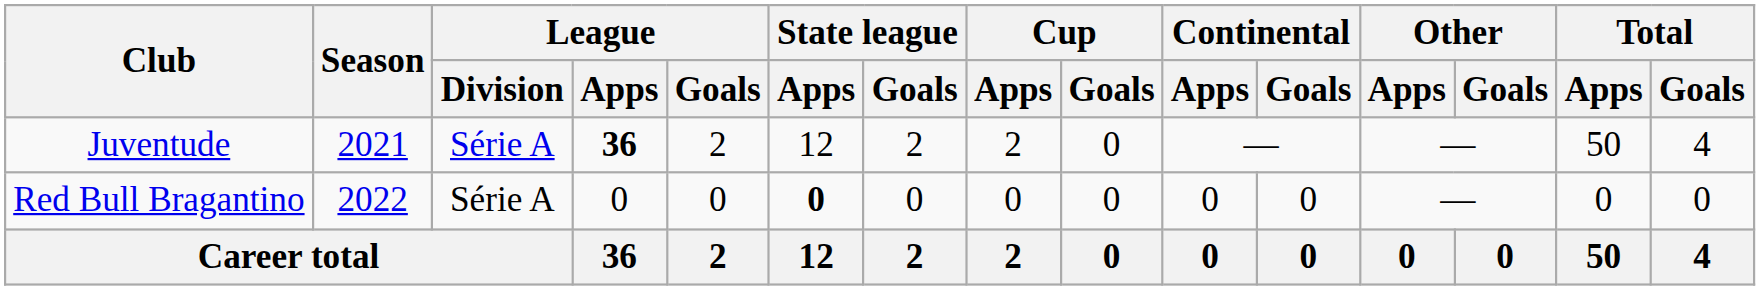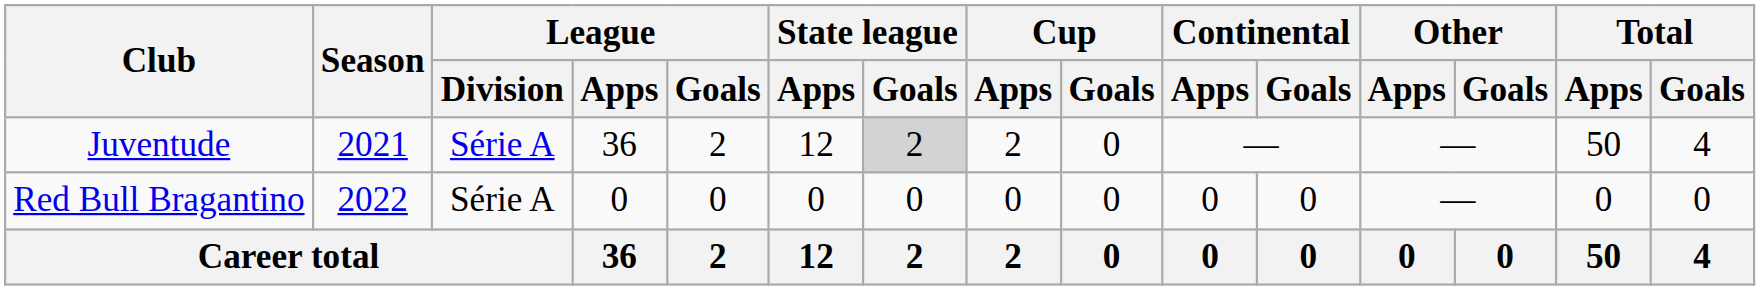 <table class="wikitable" style="text-align: center;">
 <tr>
 <th rowspan="2">Club</th>
 <th rowspan="2">Season</th>
 <th colspan="3">League</th>
 <th colspan="2">State league</th>
 <th colspan="2">Cup</th>
 <th colspan="2">Continental</th>
 <th colspan="2">Other</th>
 <th colspan="2">Total</th>
 </tr>
 <tr>
 <th>Division</th>
 <th>Apps</th>
 <th>Goals</th>
 <th>Apps</th>
 <th>Goals</th>
 <th>Apps</th>
 <th>Goals</th>
 <th>Apps</th>
 <th>Goals</th>
 <th>Apps</th>
 <th>Goals</th>
 <th>Apps</th>
 <th>Goals</th>
 </tr>
 <tr>
 <td valign="center"><a href='#'>Juventude</a></td>
 <td><a href='#'>2021</a></td>
 <td><a href='#'>Série A</a></td>
-<td><strong>36</strong></td>
+<td>36</td>
 <td>2</td>
 <td>12</td>
-<td>2</td>
+<td style="background: lightgrey;">2</td>
 <td>2</td>
 <td>0</td>
 <td colspan="2">—</td>
 <td colspan="2">—</td>
 <td>50</td>
 <td>4</td>
 </tr>
 <tr>
 <td valign="center"><a href='#'>Red Bull Bragantino</a></td>
 <td><a href='#'>2022</a></td>
 <td>Série A</td>
 <td>0</td>
 <td>0</td>
-<td><strong>0</strong></td>
+<td>0</td>
 <td>0</td>
 <td>0</td>
 <td>0</td>
 <td>0</td>
 <td>0</td>
 <td colspan="2">—</td>
 <td>0</td>
 <td>0</td>
 </tr>
 <tr>
 <th colspan="3"><strong>Career total</strong></th>
 <th>36</th>
 <th>2</th>
 <th>12</th>
 <th>2</th>
 <th>2</th>
 <th>0</th>
 <th>0</th>
 <th>0</th>
 <th>0</th>
 <th>0</th>
 <th>50</th>
 <th>4</th>
 </tr>
 </table>
